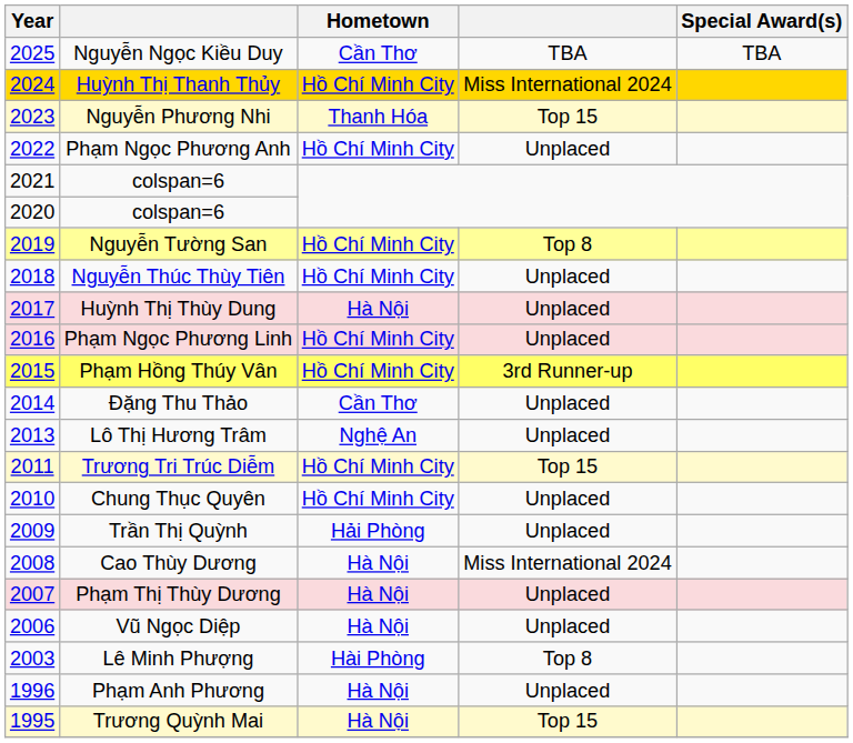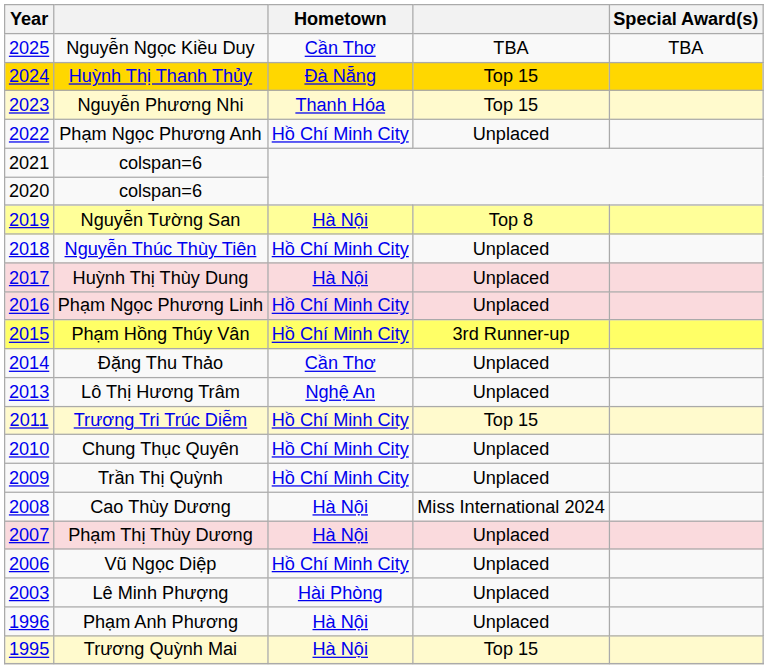 <table class="wikitable " style="font-size: 90%; text-align:center;">
 <tr>
 <th>Year</th>
 <th></th>
 <th>Hometown</th>
 <th></th>
 <th>Special Award(s)</th>
 </tr>
 <tr>
 <td><a href='#'>2025</a></td>
 <td>Nguyễn Ngọc Kiều Duy</td>
 <td><a href='#'>Cần Thơ</a></td>
 <td>TBA</td>
 <td>TBA</td>
 </tr>
 <tr style="background-color:gold;">
 <td><a href='#'>2024</a></td>
 <td><a href='#'>Huỳnh Thị Thanh Thủy</a></td>
-<td><a href='#'>Hồ Chí Minh City</a></td>
-<td>Miss International 2024</td>
+<td><a href='#'>Đà Nẵng</a></td>
+<td>Top 15</td>
 <td></td>
 </tr>
 <tr style="background-color:#FFFACD;">
 <td><a href='#'>2023</a></td>
 <td>Nguyễn Phương Nhi</td>
 <td><a href='#'>Thanh Hóa</a></td>
 <td>Top 15</td>
 <td style="background:;"></td>
 </tr>
 <tr>
 <td><a href='#'>2022</a></td>
 <td>Phạm Ngọc Phương Anh</td>
 <td><a href='#'>Hồ Chí Minh City</a></td>
 <td>Unplaced</td>
 <td></td>
 </tr>
 <tr>
 <td>2021</td>
 <td>colspan=6 </td>
 </tr>
 <tr>
 <td>2020</td>
 <td>colspan=6 </td>
 </tr>
 <tr style="background-color:#FFFF99;">
 <td><a href='#'>2019</a></td>
 <td>Nguyễn Tường San</td>
-<td><a href='#'>Hồ Chí Minh City</a></td>
+<td><a href='#'>Hà Nội</a></td>
 <td>Top 8</td>
 <td style="background:;"></td>
 </tr>
 <tr>
 <td><a href='#'>2018</a></td>
 <td><a href='#'>Nguyễn Thúc Thùy Tiên</a></td>
 <td><a href='#'>Hồ Chí Minh City</a></td>
 <td>Unplaced</td>
 <td></td>
 </tr>
 <tr style="background-color:#FADADD;">
 <td><a href='#'>2017</a></td>
 <td>Huỳnh Thị Thùy Dung</td>
 <td><a href='#'>Hà Nội</a></td>
 <td>Unplaced</td>
 <td style="background:;"></td>
 </tr>
 <tr style="background-color:#FADADD;">
 <td><a href='#'>2016</a></td>
 <td>Phạm Ngọc Phương Linh</td>
 <td><a href='#'>Hồ Chí Minh City</a></td>
 <td>Unplaced</td>
 <td style="background:;"></td>
 </tr>
 <tr style="background-color:#FFFF66;">
 <td><a href='#'>2015</a></td>
 <td>Phạm Hồng Thúy Vân</td>
 <td><a href='#'>Hồ Chí Minh City</a></td>
 <td>3rd Runner-up</td>
 <td></td>
 </tr>
 <tr>
 <td><a href='#'>2014</a></td>
 <td>Đặng Thu Thảo</td>
 <td><a href='#'>Cần Thơ</a></td>
 <td>Unplaced</td>
 <td></td>
 </tr>
 <tr>
 <td><a href='#'>2013</a></td>
 <td>Lô Thị Hương Trâm</td>
 <td><a href='#'>Nghệ An</a></td>
 <td>Unplaced</td>
 <td></td>
 </tr>
 <tr style="background-color:#FFFACD;">
 <td><a href='#'>2011</a></td>
 <td><a href='#'>Trương Tri Trúc Diễm</a></td>
 <td><a href='#'>Hồ Chí Minh City</a></td>
 <td>Top 15</td>
 <td></td>
 </tr>
 <tr>
 <td><a href='#'>2010</a></td>
 <td>Chung Thục Quyên</td>
 <td><a href='#'>Hồ Chí Minh City</a></td>
 <td>Unplaced</td>
 <td></td>
 </tr>
 <tr>
 <td><a href='#'>2009</a></td>
 <td>Trần Thị Quỳnh</td>
-<td><a href='#'>Hải Phòng</a></td>
+<td><a href='#'>Hồ Chí Minh City</a></td>
 <td>Unplaced</td>
 <td></td>
 </tr>
 <tr>
 <td><a href='#'>2008</a></td>
 <td>Cao Thùy Dương</td>
 <td><a href='#'>Hà Nội</a></td>
 <td>Miss International 2024</td>
 <td></td>
 </tr>
 <tr style="background-color:#FADADD;">
 <td><a href='#'>2007</a></td>
 <td>Phạm Thị Thùy Dương</td>
 <td><a href='#'>Hà Nội</a></td>
 <td>Unplaced</td>
 <td style="background:;"></td>
 </tr>
 <tr>
 <td><a href='#'>2006</a></td>
 <td>Vũ Ngọc Diệp</td>
-<td><a href='#'>Hà Nội</a></td>
+<td><a href='#'>Hồ Chí Minh City</a></td>
 <td>Unplaced</td>
 <td></td>
 </tr>
 <tr>
 <td><a href='#'>2003</a></td>
 <td>Lê Minh Phượng</td>
 <td><a href='#'>Hài Phòng</a></td>
-<td>Top 8</td>
+<td>Unplaced</td>
 <td></td>
 </tr>
 <tr>
 <td><a href='#'>1996</a></td>
 <td>Phạm Anh Phương</td>
 <td><a href='#'>Hà Nội</a></td>
 <td>Unplaced</td>
 <td></td>
 </tr>
 <tr style="background-color:#FFFACD;">
 <td><a href='#'>1995</a></td>
 <td>Trương Quỳnh Mai</td>
 <td><a href='#'>Hà Nội</a></td>
 <td>Top 15</td>
 <td style="background:;"></td>
 </tr>
 <tr>
 </tr>
 </table>
